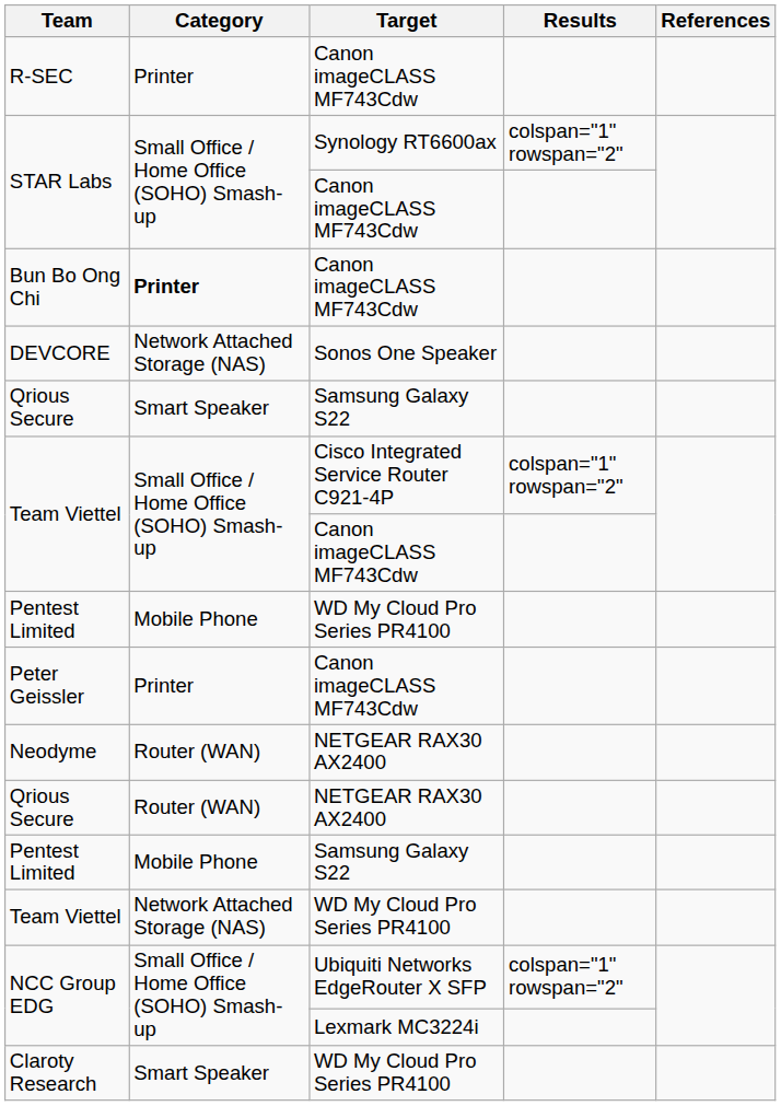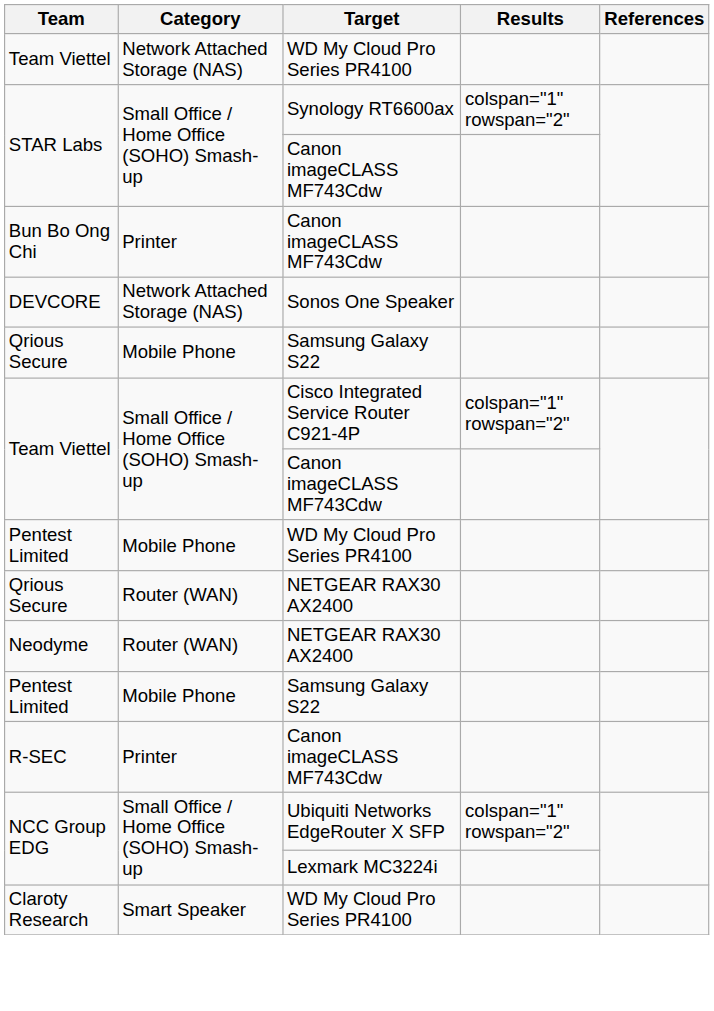 <table class="wikitable mw-collapsible">
 <tr>
 <th>Team</th>
 <th>Category</th>
 <th>Target</th>
 <th>Results</th>
 <th>References</th>
 </tr>
 <tr>
-<td>R-SEC</td>
-<td>Printer</td>
-<td>Canon imageCLASS MF743Cdw</td>
+<td>Team Viettel</td>
+<td>Network Attached Storage (NAS)</td>
+<td>WD My Cloud Pro Series PR4100</td>
 <td></td>
 <td></td>
 </tr>
 <tr>
 <td colspan="1" rowspan="2">STAR Labs</td>
 <td colspan="1" rowspan="2">Small Office / Home Office (SOHO) Smash-up</td>
 <td>Synology RT6600ax</td>
 <td>colspan="1" rowspan="2" </td>
 <td rowspan="2"></td>
 </tr>
 <tr>
 <td>Canon imageCLASS MF743Cdw</td>
 </tr>
 <tr>
 <td>Bun Bo Ong Chi</td>
-<td><strong>Printer</strong></td>
+<td>Printer</td>
 <td>Canon imageCLASS MF743Cdw</td>
 <td></td>
 <td></td>
 </tr>
 <tr>
 <td>DEVCORE</td>
 <td>Network Attached Storage (NAS)</td>
 <td>Sonos One Speaker</td>
 <td></td>
 <td></td>
 </tr>
 <tr>
 <td>Qrious Secure</td>
-<td>Smart Speaker</td>
+<td>Mobile Phone</td>
 <td>Samsung Galaxy S22</td>
 <td></td>
 <td></td>
 </tr>
 <tr>
 <td colspan="1" rowspan="2">Team Viettel</td>
 <td colspan="1" rowspan="2">Small Office / Home Office (SOHO) Smash-up</td>
 <td>Cisco Integrated Service Router C921-4P</td>
 <td>colspan="1" rowspan="2" </td>
 <td rowspan="2"></td>
 </tr>
 <tr>
 <td>Canon imageCLASS MF743Cdw</td>
 </tr>
 <tr>
 <td>Pentest Limited</td>
 <td>Mobile Phone</td>
 <td>WD My Cloud Pro Series PR4100</td>
 <td></td>
 <td></td>
 </tr>
 <tr>
-<td>Peter Geissler</td>
-<td>Printer</td>
-<td>Canon imageCLASS MF743Cdw</td>
-<td></td>
-<td></td>
-</tr>
-<tr>
-<td>Neodyme</td>
+<td>Qrious Secure</td>
 <td>Router (WAN)</td>
 <td>NETGEAR RAX30 AX2400</td>
 <td></td>
 <td></td>
 </tr>
 <tr>
-<td>Qrious Secure</td>
+<td>Neodyme</td>
 <td>Router (WAN)</td>
 <td>NETGEAR RAX30 AX2400</td>
 <td></td>
 <td></td>
 </tr>
 <tr>
 <td>Pentest Limited</td>
 <td>Mobile Phone</td>
 <td>Samsung Galaxy S22</td>
 <td></td>
 <td></td>
 </tr>
 <tr>
-<td>Team Viettel</td>
-<td>Network Attached Storage (NAS)</td>
-<td>WD My Cloud Pro Series PR4100</td>
+<td>R-SEC</td>
+<td>Printer</td>
+<td>Canon imageCLASS MF743Cdw</td>
 <td></td>
 <td></td>
 </tr>
 <tr>
 <td colspan="1" rowspan="2">NCC Group EDG</td>
 <td colspan="1" rowspan="2">Small Office / Home Office (SOHO) Smash-up</td>
 <td>Ubiquiti Networks EdgeRouter X SFP</td>
 <td>colspan="1" rowspan="2" </td>
 <td rowspan="2"></td>
 </tr>
 <tr>
 <td>Lexmark MC3224i</td>
 </tr>
 <tr>
 <td>Claroty Research</td>
 <td>Smart Speaker</td>
 <td>WD My Cloud Pro Series PR4100</td>
 <td></td>
 </tr>
 </table>
